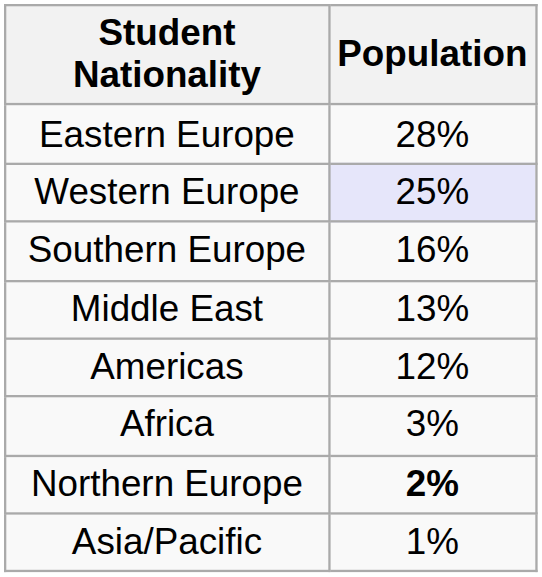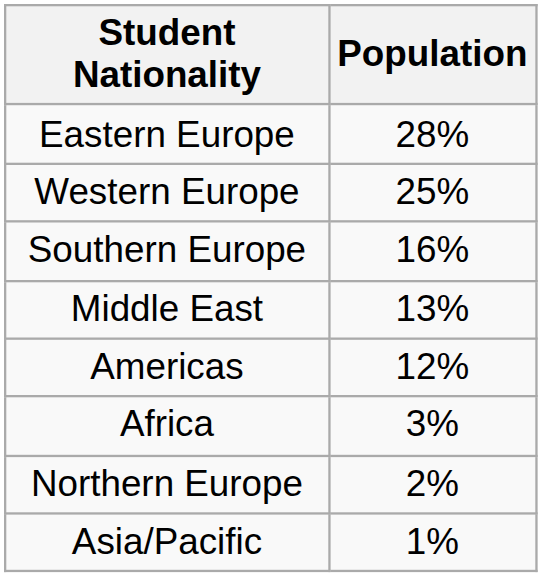 <table class="wikitable floatright">
 <tr>
 <th scope="col">Student Nationality</th>
 <th scope="col">Population</th>
 </tr>
 <tr align="Center">
 <td style="width: 100pt;">Eastern Europe</td>
 <td style="width: 50pt;">28%</td>
 </tr>
 <tr align="Center">
 <td>Western Europe</td>
-<td style="background: lavender;">25%</td>
+<td>25%</td>
 </tr>
 <tr align="Center">
 <td>Southern Europe</td>
 <td>16%</td>
 </tr>
 <tr align="Center">
 <td>Middle East</td>
 <td>13%</td>
 </tr>
 <tr align="Center">
 <td>Americas</td>
 <td>12%</td>
 </tr>
 <tr align="Center">
 <td>Africa</td>
 <td>3%</td>
 </tr>
 <tr align="Center">
 <td>Northern Europe</td>
-<td><strong>2%</strong></td>
+<td>2%</td>
 </tr>
 <tr align="Center">
 <td>Asia/Pacific</td>
 <td>1%</td>
 </tr>
 </table>
